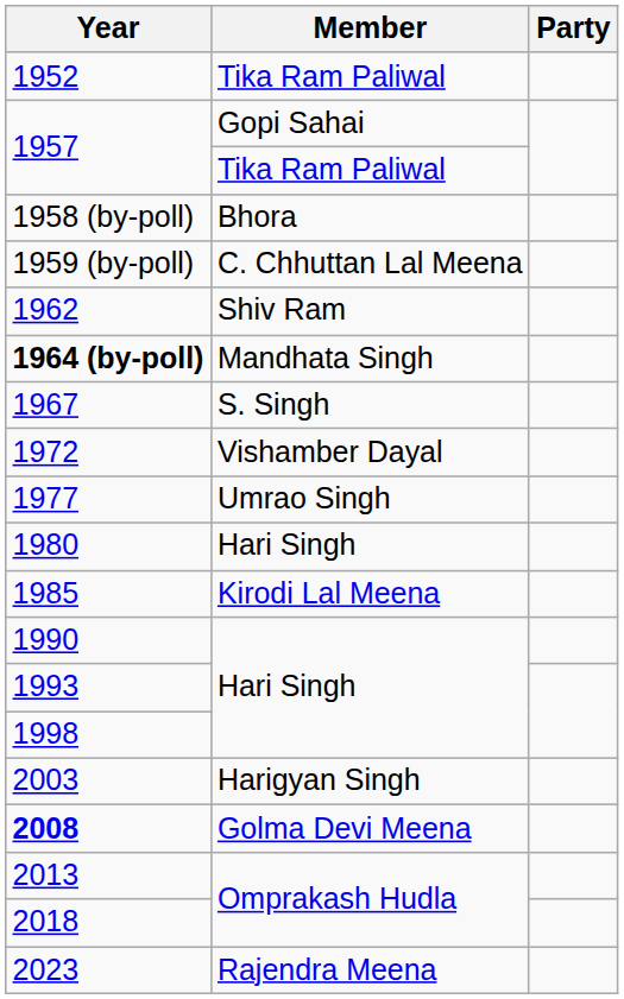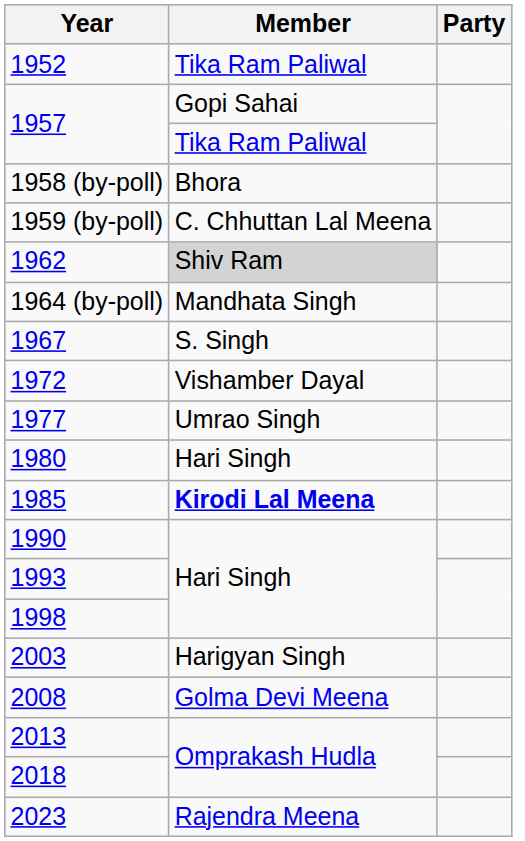 <table class="wikitable sortable">
 <tr>
 <th>Year</th>
 <th>Member</th>
 <th colspan="2">Party</th>
 </tr>
 <tr>
 <td><a href='#'>1952</a></td>
 <td><a href='#'>Tika Ram Paliwal</a></td>
 <td></td>
 </tr>
 <tr>
 <td rowspan=2><a href='#'>1957</a></td>
 <td>Gopi Sahai</td>
 </tr>
 <tr>
 <td><a href='#'>Tika Ram Paliwal</a></td>
 </tr>
 <tr>
 <td>1958 (by-poll)</td>
 <td>Bhora</td>
 <td></td>
 </tr>
 <tr>
 <td>1959 (by-poll)</td>
 <td>C. Chhuttan Lal Meena</td>
 <td></td>
 </tr>
 <tr>
 <td><a href='#'>1962</a></td>
-<td>Shiv Ram</td>
+<td style="background: lightgrey;">Shiv Ram</td>
 <td></td>
 </tr>
 <tr>
-<td><strong>1964 (by-poll)</strong></td>
+<td>1964 (by-poll)</td>
 <td>Mandhata Singh</td>
 <td></td>
 </tr>
 <tr>
 <td><a href='#'>1967</a></td>
 <td>S. Singh</td>
 <td></td>
 </tr>
 <tr>
 <td><a href='#'>1972</a></td>
 <td>Vishamber Dayal</td>
 <td></td>
 </tr>
 <tr>
 <td><a href='#'>1977</a></td>
 <td>Umrao Singh</td>
 <td></td>
 </tr>
 <tr>
 <td><a href='#'>1980</a></td>
 <td>Hari Singh</td>
 <td></td>
 </tr>
 <tr>
 <td><a href='#'>1985</a></td>
-<td><a href='#'>Kirodi Lal Meena</a></td>
+<td><strong><a href='#'>Kirodi Lal Meena</a></strong></td>
 <td></td>
 </tr>
 <tr>
 <td><a href='#'>1990</a></td>
 <td rowspan=3>Hari Singh</td>
 <td></td>
 </tr>
 <tr>
 <td><a href='#'>1993</a></td>
 </tr>
 <tr>
 <td><a href='#'>1998</a></td>
 </tr>
 <tr>
 <td><a href='#'>2003</a></td>
 <td>Harigyan Singh</td>
 <td></td>
 </tr>
 <tr>
-<td><strong><a href='#'>2008</a></strong></td>
+<td><a href='#'>2008</a></td>
 <td><a href='#'>Golma Devi Meena</a></td>
 <td></td>
 </tr>
 <tr>
 <td><a href='#'>2013</a></td>
 <td rowspan=2><a href='#'>Omprakash Hudla</a></td>
 <td></td>
 </tr>
 <tr>
 <td><a href='#'>2018</a></td>
 <td></td>
 </tr>
 <tr>
 <td><a href='#'>2023</a></td>
 <td><a href='#'>Rajendra Meena</a></td>
 <td></td>
 </tr>
 </table>
